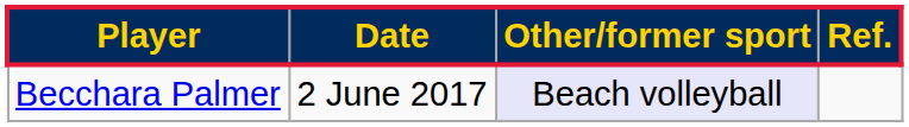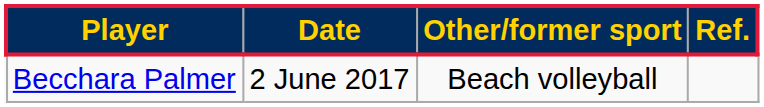 <table class="wikitable" style="font-size:90%; text-align:center;">
 <tr style="background:#002B5C; color: #FFD200; border: solid #E21937 2px;">
 <td><span><strong>Player</strong> </span></td>
 <td><span><strong>Date</strong> </span></td>
 <td><span><strong>Other/former sport</strong></span></td>
 <td><span><strong>Ref.</strong></span></td>
 </tr>
 <tr>
 <td><a href='#'>Becchara Palmer</a></td>
 <td>2 June 2017</td>
-<td style="background: lavender;">Beach volleyball</td>
+<td>Beach volleyball</td>
 <td></td>
 </tr>
 </table>
